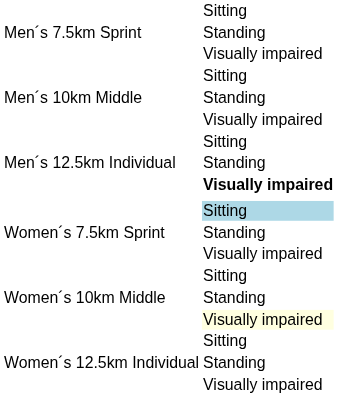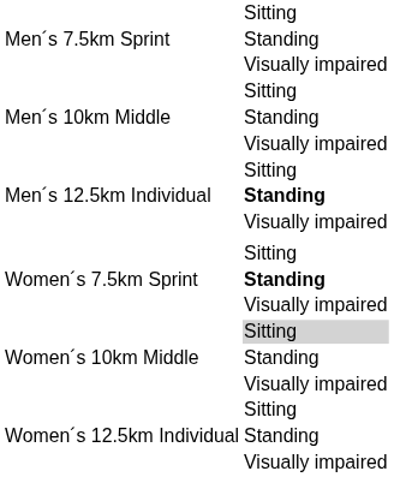 <table>
 <tr>
 <td rowspan=3>Men´s 7.5km Sprint</td>
 <td>Sitting</td>
 <td></td>
 <td></td>
 <td></td>
 </tr>
 <tr>
 <td>Standing</td>
 <td></td>
 <td></td>
 <td></td>
 </tr>
 <tr>
 <td>Visually impaired</td>
 <td></td>
 <td></td>
 <td></td>
 </tr>
 <tr>
 <td rowspan=3>Men´s 10km Middle</td>
 <td>Sitting</td>
 <td></td>
 <td></td>
 <td></td>
 </tr>
 <tr>
 <td>Standing</td>
 <td></td>
 <td></td>
 <td></td>
 </tr>
 <tr>
 <td>Visually impaired</td>
 <td></td>
 <td></td>
 <td></td>
 </tr>
 <tr>
 <td rowspan=3>Men´s 12.5km Individual</td>
 <td>Sitting</td>
 <td></td>
 <td></td>
 <td></td>
 </tr>
 <tr>
-<td>Standing</td>
+<td><strong>Standing</strong></td>
 <td></td>
 <td></td>
 <td></td>
 </tr>
 <tr>
-<td><strong>Visually impaired</strong></td>
+<td>Visually impaired</td>
 <td></td>
 <td></td>
 <td></td>
 </tr>
 <tr>
 <th colspan=5></th>
 </tr>
 <tr>
 <td rowspan=3>Women´s 7.5km Sprint</td>
-<td style="background: lightblue;">Sitting</td>
+<td>Sitting</td>
+<td></td>
+<td></td>
+<td></td>
+</tr>
+<tr>
+<td><strong>Standing</strong></td>
+<td></td>
+<td></td>
+<td></td>
+</tr>
+<tr>
+<td>Visually impaired</td>
+<td></td>
+<td></td>
+<td></td>
+</tr>
+<tr>
+<td rowspan=3>Women´s 10km Middle</td>
+<td style="background: lightgrey;">Sitting</td>
 <td></td>
 <td></td>
 <td></td>
 </tr>
 <tr>
 <td>Standing</td>
 <td></td>
 <td></td>
 <td></td>
 </tr>
 <tr>
 <td>Visually impaired</td>
-<td></td>
-<td></td>
-<td></td>
-</tr>
-<tr>
-<td rowspan=3>Women´s 10km Middle</td>
-<td>Sitting</td>
-<td></td>
-<td></td>
-<td></td>
-</tr>
-<tr>
-<td>Standing</td>
-<td></td>
-<td></td>
-<td></td>
-</tr>
-<tr>
-<td style="background: lightyellow;">Visually impaired</td>
 <td></td>
 <td></td>
 <td></td>
 </tr>
 <tr>
 <td rowspan=3>Women´s 12.5km Individual</td>
 <td>Sitting</td>
 <td></td>
 <td></td>
 <td></td>
 </tr>
 <tr>
 <td>Standing</td>
 <td></td>
 <td></td>
 <td></td>
 </tr>
 <tr>
 <td>Visually impaired</td>
 <td></td>
 <td></td>
 <td></td>
 </tr>
 </table>
